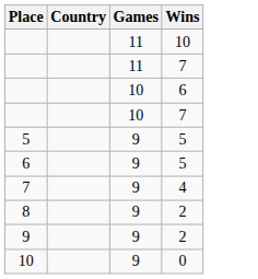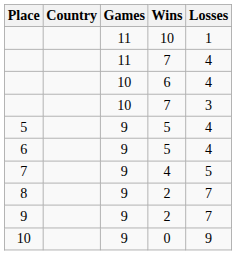 <table class="wikitable" style="text-align:center;">
 <tr>
 <th>Place</th>
 <th>Country</th>
 <th>Games</th>
 <th>Wins</th>
+<th>Losses</th>
 </tr>
 <tr>
 <td></td>
 <td align=left></td>
 <td>11</td>
 <td>10</td>
+<td>1</td>
 </tr>
 <tr>
 <td></td>
 <td align=left></td>
 <td>11</td>
 <td>7</td>
+<td>4</td>
 </tr>
 <tr>
 <td></td>
 <td align=left></td>
 <td>10</td>
 <td>6</td>
+<td>4</td>
 </tr>
 <tr>
 <td></td>
 <td align=left></td>
 <td>10</td>
 <td>7</td>
+<td>3</td>
 </tr>
 <tr>
 <td>5</td>
 <td align=left></td>
 <td>9</td>
 <td>5</td>
+<td>4</td>
 </tr>
 <tr>
 <td>6</td>
 <td align=left></td>
 <td>9</td>
 <td>5</td>
+<td>4</td>
 </tr>
 <tr>
 <td>7</td>
 <td align=left></td>
 <td>9</td>
 <td>4</td>
+<td>5</td>
 </tr>
 <tr>
 <td>8</td>
 <td align=left></td>
 <td>9</td>
 <td>2</td>
+<td>7</td>
 </tr>
 <tr>
 <td>9</td>
 <td align=left></td>
 <td>9</td>
 <td>2</td>
+<td>7</td>
 </tr>
 <tr>
 <td>10</td>
 <td align=left></td>
 <td>9</td>
 <td>0</td>
+<td>9</td>
 </tr>
 </table>
